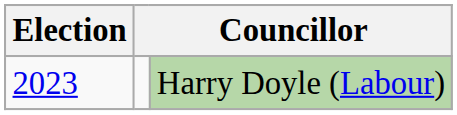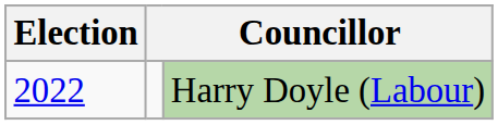 <table class="wikitable">
 <tr>
 <th>Election</th>
 <th colspan="2">Councillor</th>
 </tr>
 <tr>
-<td><a href='#'>2023</a></td>
+<td><a href='#'>2022</a></td>
 <td style="background-color: "></td>
 <td bgcolor="#B6D7A8">Harry Doyle (<a href='#'>Labour</a>)</td>
 </tr>
 </table>
